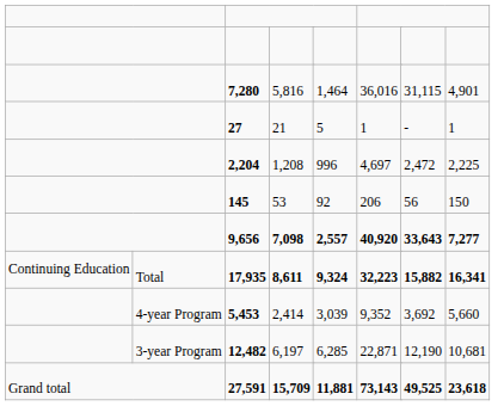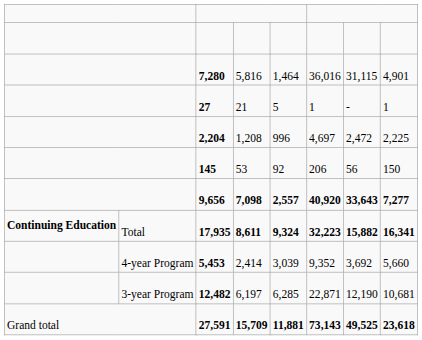 <table class="wikitable">
 <tr>
 <td colspan="3"><br></td>
 <td colspan="6"><br></td>
 <td colspan="6"><br></td>
 </tr>
 <tr>
 <td colspan="3"></td>
 <td colspan="2"><br></td>
 <td colspan="2"><br></td>
 <td colspan="2"><br></td>
 <td colspan="2"><br><br></td>
 <td colspan="2"><br></td>
 <td colspan="2"><br></td>
 </tr>
 <tr>
 <td colspan="3"><br></td>
 <td colspan="2"><br><div><strong>7,280</strong></div></td>
 <td colspan="2"><br><div>5,816</div></td>
 <td colspan="2"><br><div>1,464</div></td>
 <td colspan="2"><br><div>36,016</div></td>
 <td colspan="2"><br><div>31,115</div></td>
 <td colspan="2"><br><div>4,901</div></td>
 </tr>
 <tr>
 <td colspan="3"><br></td>
 <td colspan="2"><br><div><strong>27</strong></div></td>
 <td colspan="2"><br><div>21</div></td>
 <td colspan="2"><br><div>5</div></td>
 <td colspan="2"><br><div>1</div></td>
 <td colspan="2"><br><div>-</div></td>
 <td colspan="2"><br><div>1</div></td>
 </tr>
 <tr>
 <td colspan="3"><br></td>
 <td colspan="2"><br><div><strong>2,204</strong></div></td>
 <td colspan="2"><br><div>1,208</div></td>
 <td colspan="2"><br><div>996</div></td>
 <td colspan="2"><br><div>4,697</div></td>
 <td colspan="2"><br><div>2,472</div></td>
 <td colspan="2"><br><div>2,225</div></td>
 </tr>
 <tr>
 <td colspan="3"><br></td>
 <td colspan="2"><br><div><strong>145</strong></div></td>
 <td colspan="2"><br><div>53</div></td>
 <td colspan="2"><br><div>92</div></td>
 <td colspan="2"><br><div>206</div></td>
 <td colspan="2"><br><div>56</div></td>
 <td colspan="2"><br><div>150</div></td>
 </tr>
 <tr>
 <td colspan="3"><br></td>
 <td colspan="2"><br><div><strong>9,656</strong></div></td>
 <td colspan="2"><br><div><strong>7,098</strong></div></td>
 <td colspan="2"><br><div><strong>2,557</strong></div></td>
 <td colspan="2"><br><div><strong>40,920</strong></div></td>
 <td colspan="2"><br><div><strong>33,643</strong></div></td>
 <td colspan="2"><br><div><strong>7,277</strong></div></td>
 </tr>
 <tr>
-<td>Continuing Education</td>
+<td><strong>Continuing Education</strong></td>
 <td colspan="2"><br>Total</td>
 <td colspan="2"><br><div><strong>17,935</strong></div></td>
 <td colspan="2"><br><div><strong>8,611</strong></div></td>
 <td colspan="2"><br><div><strong>9,324</strong></div></td>
 <td colspan="2"><br><div><strong>32,223</strong></div></td>
 <td colspan="2"><br><div><strong>15,882</strong></div></td>
 <td colspan="2"><br><div><strong>16,341</strong></div></td>
 </tr>
 <tr>
 <td></td>
 <td colspan="2"><br>4-year Program</td>
 <td colspan="2"><br><div><strong>5,453</strong></div></td>
 <td colspan="2"><br><div>2,414</div></td>
 <td colspan="2"><br><div>3,039</div></td>
 <td colspan="2"><br><div>9,352</div></td>
 <td colspan="2"><br><div>3,692</div></td>
 <td colspan="2"><br><div>5,660</div></td>
 </tr>
 <tr>
 <td></td>
 <td colspan="2"><br>3-year Program</td>
 <td colspan="2"><br><div><strong>12,482</strong></div></td>
 <td colspan="2"><br><div>6,197</div></td>
 <td colspan="2"><br><div>6,285</div></td>
 <td colspan="2"><br><div>22,871</div></td>
 <td colspan="2"><br><div>12,190</div></td>
 <td colspan="2"><br><div>10,681</div></td>
 </tr>
 <tr>
 <td colspan="3"><br>Grand total</td>
 <td colspan="2"><br><div><strong>27,591</strong></div></td>
 <td colspan="2"><br><div><strong>15,709</strong></div></td>
 <td colspan="2"><br><div><strong>11,881 </strong></div></td>
 <td colspan="2"><br><div><strong>73,143</strong></div></td>
 <td colspan="2"><br><div><strong>49,525</strong></div></td>
 <td colspan="2"><br><div><strong>23,618</strong></div></td>
 </tr>
 </table>
